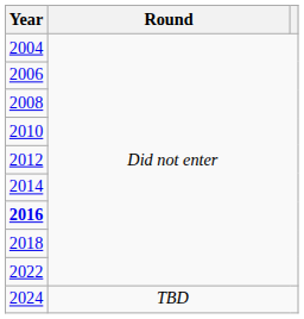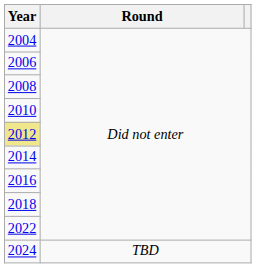 <table class="wikitable" style="text-align: center; font-size:90%">
 <tr>
 <th>Year</th>
 <th style="width:200px">Round</th>
 <th></th>
 </tr>
 <tr>
 <td><a href='#'>2004</a></td>
 <td colspan="2" rowspan="9"><em>Did not enter</em></td>
 </tr>
 <tr>
 <td><a href='#'>2006</a></td>
 </tr>
 <tr>
 <td><a href='#'>2008</a></td>
 </tr>
 <tr>
 <td><a href='#'>2010</a></td>
 </tr>
 <tr>
-<td><a href='#'>2012</a></td>
+<td style="background: khaki;"><a href='#'>2012</a></td>
 </tr>
 <tr>
 <td><a href='#'>2014</a></td>
 </tr>
 <tr>
-<td><strong><a href='#'>2016</a></strong></td>
+<td><a href='#'>2016</a></td>
 </tr>
 <tr>
 <td><a href='#'>2018</a></td>
 </tr>
 <tr>
 <td><a href='#'>2022</a></td>
 </tr>
 <tr>
 <td><a href='#'>2024</a></td>
 <td colspan="2"><em>TBD</em></td>
 </tr>
 </table>
